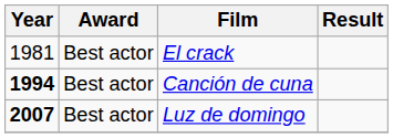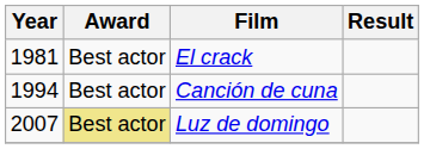 <table class="wikitable sortable">
 <tr>
 <th>Year</th>
 <th>Award</th>
 <th>Film</th>
 <th>Result</th>
 </tr>
 <tr>
 <td>1981</td>
 <td>Best actor</td>
 <td><em><a href='#'>El crack</a></em></td>
 <td></td>
 </tr>
 <tr>
-<td><strong>1994</strong></td>
+<td>1994</td>
 <td>Best actor</td>
 <td><em><a href='#'>Canción de cuna</a></em></td>
 <td></td>
 </tr>
 <tr>
-<td><strong>2007</strong></td>
-<td>Best actor</td>
+<td>2007</td>
+<td style="background: khaki;">Best actor</td>
 <td><em><a href='#'>Luz de domingo</a></em></td>
 <td></td>
 </tr>
 <tr>
 </tr>
 </table>
